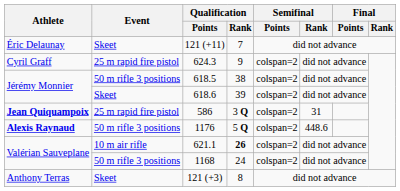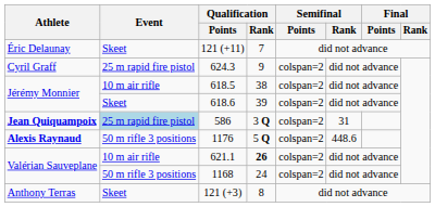 <table class="wikitable" style="font-size:90%">
 <tr>
 <th rowspan="2">Athlete</th>
 <th rowspan="2">Event</th>
 <th colspan=2>Qualification</th>
 <th colspan=2>Semifinal</th>
 <th colspan=2>Final</th>
 </tr>
 <tr style="font-size:95%">
 <th>Points</th>
 <th>Rank</th>
 <th>Points</th>
 <th>Rank</th>
 <th>Points</th>
 <th>Rank</th>
 </tr>
 <tr align=center>
 <td align=left><a href='#'>Éric Delaunay</a></td>
 <td align=left><a href='#'>Skeet</a></td>
 <td>121 (+11)</td>
 <td>7</td>
 <td colspan=4>did not advance</td>
 </tr>
 <tr align=center>
 <td align=left><a href='#'>Cyril Graff</a></td>
 <td align=left><a href='#'>25 m rapid fire pistol</a></td>
 <td>624.3</td>
 <td>9</td>
 <td>colspan=2 </td>
 <td colspan=2>did not advance</td>
 </tr>
 <tr align=center>
 <td style="text-align:left;" rowspan="2"><a href='#'>Jérémy Monnier</a></td>
-<td align=left><a href='#'>50 m rifle 3 positions</a></td>
+<td align=left><a href='#'>10 m air rifle</a></td>
 <td>618.5</td>
 <td>38</td>
 <td>colspan=2 </td>
 <td colspan=2>did not advance</td>
 </tr>
 <tr align=center>
 <td align=left><a href='#'>Skeet</a></td>
 <td>618.6</td>
 <td>39</td>
 <td>colspan=2 </td>
 <td colspan=2>did not advance</td>
 </tr>
 <tr align=center>
 <td align=left><strong><a href='#'>Jean Quiquampoix</a></strong></td>
-<td align=left><a href='#'>25 m rapid fire pistol</a></td>
+<td align=left style="background: lightblue;"><a href='#'>25 m rapid fire pistol</a></td>
 <td>586</td>
 <td>3 <strong>Q</strong></td>
 <td>colspan=2 </td>
 <td>31</td>
 <td></td>
 </tr>
 <tr align=center>
 <td align=left><strong><a href='#'>Alexis Raynaud</a></strong></td>
 <td align=left><a href='#'>50 m rifle 3 positions</a></td>
 <td>1176</td>
 <td>5 <strong>Q</strong></td>
 <td>colspan=2 </td>
 <td>448.6</td>
 <td></td>
 </tr>
 <tr align=center>
 <td style="text-align:left;" rowspan="2"><a href='#'>Valérian Sauveplane</a></td>
 <td align=left><a href='#'>10 m air rifle</a></td>
 <td>621.1</td>
 <td><strong>26</strong></td>
 <td>colspan=2 </td>
 <td colspan=2>did not advance</td>
 </tr>
 <tr align=center>
 <td align=left><a href='#'>50 m rifle 3 positions</a></td>
 <td>1168</td>
 <td>24</td>
 <td>colspan=2 </td>
 <td colspan=2>did not advance</td>
 </tr>
 <tr align=center>
 <td align=left><a href='#'>Anthony Terras</a></td>
 <td align=left><a href='#'>Skeet</a></td>
 <td>121 (+3)</td>
 <td>8</td>
 <td colspan=4>did not advance</td>
 </tr>
 </table>
